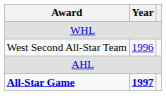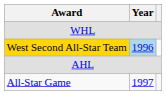 <table class="wikitable">
 <tr>
 <th>Award</th>
 <th>Year</th>
 <th></th>
 </tr>
 <tr ALIGN="center" bgcolor="#e0e0e0">
 <td colspan="3"><a href='#'>WHL</a></td>
 </tr>
 <tr>
-<td>West Second All-Star Team</td>
-<td><a href='#'>1996</a></td>
+<td style="background: gold;">West Second All-Star Team</td>
+<td style="background: lightblue;"><a href='#'>1996</a></td>
 <td></td>
 </tr>
 <tr ALIGN="center" bgcolor="#e0e0e0">
 <td colspan="3"><a href='#'>AHL</a></td>
 </tr>
 <tr>
-<td><strong><a href='#'>All-Star Game</a></strong></td>
-<td><strong><a href='#'>1997</a></strong></td>
+<td><a href='#'>All-Star Game</a></td>
+<td><a href='#'>1997</a></td>
 <td></td>
 </tr>
 </table>
